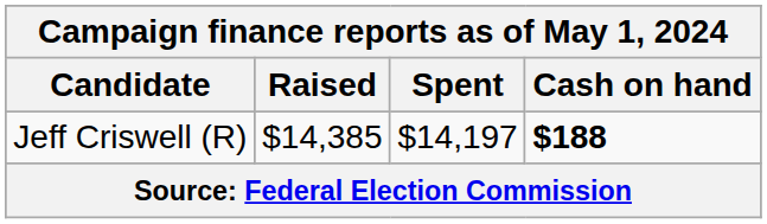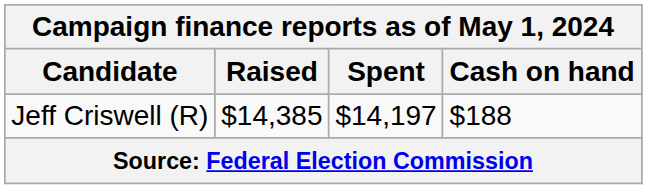 <table class="wikitable sortable">
 <tr>
 <th colspan=4>Campaign finance reports as of May 1, 2024</th>
 </tr>
 <tr style="text-align:center;">
 <th>Candidate</th>
 <th>Raised</th>
 <th>Spent</th>
 <th>Cash on hand</th>
 </tr>
 <tr>
 <td>Jeff Criswell (R)</td>
 <td>$14,385</td>
 <td>$14,197</td>
-<td><strong>$188</strong></td>
+<td>$188</td>
 </tr>
 <tr>
 <th colspan="4"><small>Source: <a href='#'>Federal Election Commission</a></small></th>
 </tr>
 </table>
